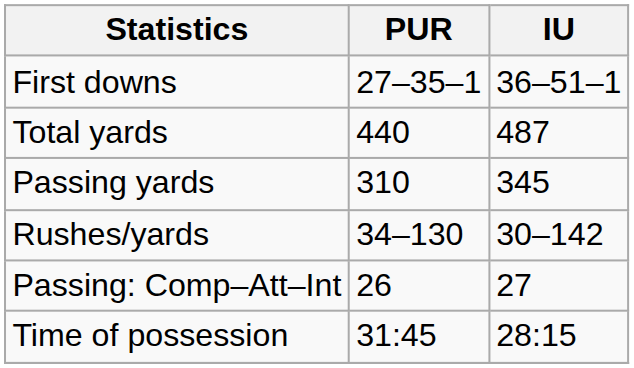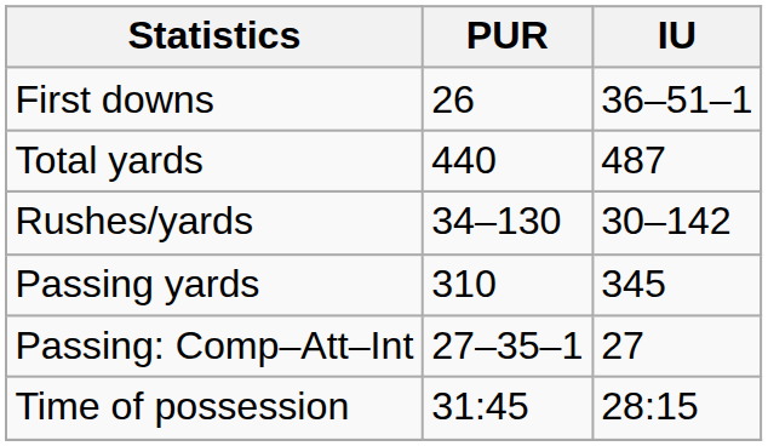 <table class="wikitable" style="float: left;">
 <tr>
 <th>Statistics</th>
 <th>PUR</th>
 <th>IU</th>
 </tr>
 <tr>
 <td>First downs</td>
-<td>27–35–1</td>
+<td>26</td>
 <td>36–51–1</td>
 </tr>
 <tr>
 <td>Total yards</td>
 <td>440</td>
 <td>487</td>
 </tr>
 <tr>
+<td>Rushes/yards</td>
+<td>34–130</td>
+<td>30–142</td>
+</tr>
+<tr>
 <td>Passing yards</td>
 <td>310</td>
 <td>345</td>
 </tr>
 <tr>
-<td>Rushes/yards</td>
-<td>34–130</td>
-<td>30–142</td>
-</tr>
-<tr>
 <td>Passing: Comp–Att–Int</td>
-<td>26</td>
+<td>27–35–1</td>
 <td>27</td>
 </tr>
 <tr>
 <td>Time of possession</td>
 <td>31:45</td>
 <td>28:15</td>
 </tr>
 <tr>
 </tr>
 </table>
